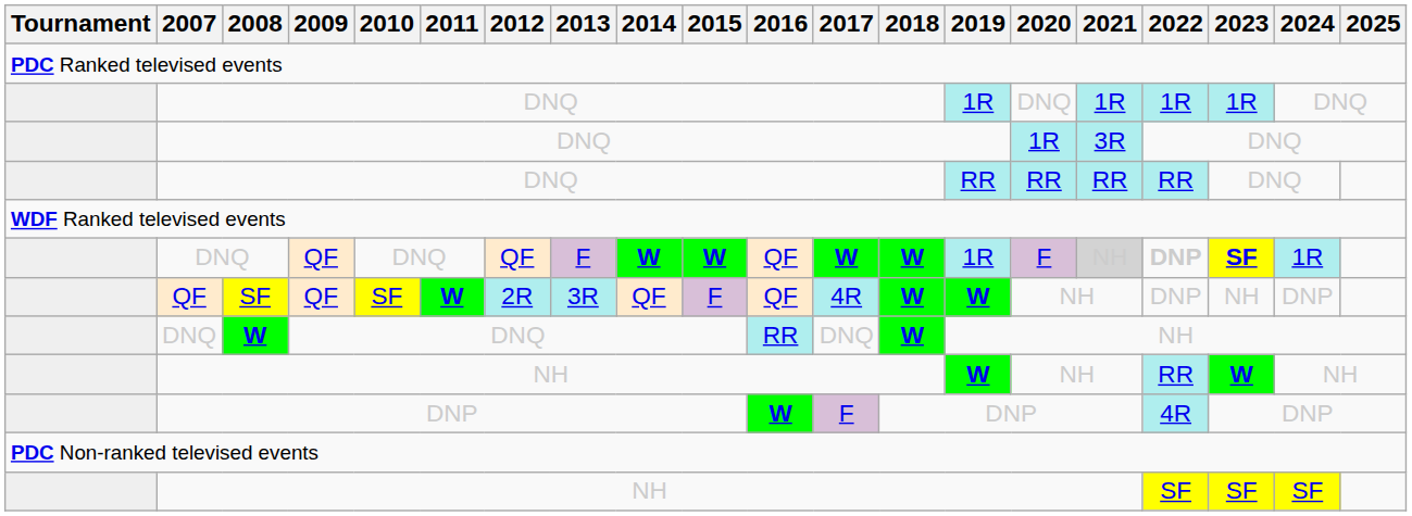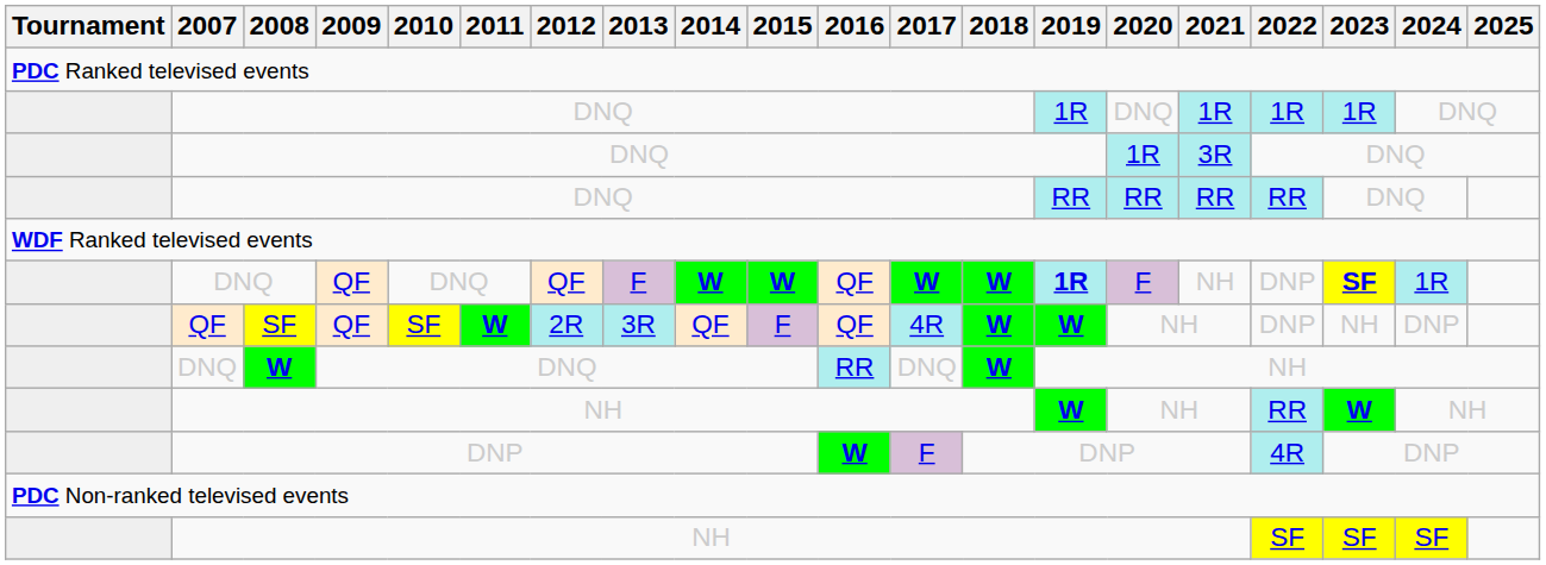 <table class="wikitable" style="width:20%; margin:0">
 <tr>
 <th>Tournament</th>
 <th>2007</th>
 <th>2008</th>
 <th>2009</th>
 <th>2010</th>
 <th>2011</th>
 <th>2012</th>
 <th>2013</th>
 <th>2014</th>
 <th>2015</th>
 <th>2016</th>
 <th>2017</th>
 <th>2018</th>
 <th>2019</th>
 <th>2020</th>
 <th>2021</th>
 <th>2022</th>
 <th>2023</th>
 <th>2024</th>
 <th>2025</th>
 </tr>
 <tr>
 <td colspan="20" style="text-align:left"><small><strong><a href='#'>PDC</a> </strong>Ranked televised events</small></td>
 </tr>
 <tr>
 <td style="background:#efefef;"></td>
 <td colspan="12" style="text-align:center; color:#ccc;">DNQ</td>
 <td style="text-align:center; background:#afeeee;"><a href='#'>1R</a></td>
 <td style="text-align:center; color:#ccc;">DNQ</td>
 <td style="text-align:center; background:#afeeee;"><a href='#'>1R</a></td>
 <td style="text-align:center; background:#afeeee;"><a href='#'>1R</a></td>
 <td style="text-align:center; background:#afeeee;"><a href='#'>1R</a></td>
 <td colspan="2" style="text-align:center; color:#ccc;">DNQ</td>
 </tr>
 <tr>
 <td style="background:#efefef;"></td>
 <td colspan="13" style="text-align:center; color:#ccc;">DNQ</td>
 <td style="text-align:center; background:#afeeee;"><a href='#'>1R</a></td>
 <td style="text-align:center; background:#afeeee;"><a href='#'>3R</a></td>
 <td colspan="4" style="text-align:center; color:#ccc;">DNQ</td>
 </tr>
 <tr>
 <td style="background:#efefef;"></td>
 <td colspan="12" style="text-align:center; color:#ccc;">DNQ</td>
 <td style="text-align:center; background:#afeeee;"><a href='#'>RR</a></td>
 <td style="text-align:center; background:#afeeee;"><a href='#'>RR</a></td>
 <td style="text-align:center; background:#afeeee;"><a href='#'>RR</a></td>
 <td style="text-align:center; background:#afeeee;"><a href='#'>RR</a></td>
 <td colspan="2" style="text-align:center; color:#ccc;">DNQ</td>
 <td></td>
 </tr>
 <tr>
 <td colspan="20" style="text-align:left"><small><strong><a href='#'>WDF</a> </strong>Ranked televised events</small></td>
 </tr>
 <tr>
 <td style="background:#efefef;"></td>
 <td colspan="2" style="text-align:center; color:#ccc;">DNQ</td>
 <td style="text-align:center; background:#ffebcd;"><a href='#'>QF</a></td>
 <td colspan="2" style="text-align:center; color:#ccc;">DNQ</td>
 <td style="text-align:center; background:#ffebcd;"><a href='#'>QF</a></td>
 <td style="text-align:center; background:thistle;"><a href='#'>F</a></td>
 <td style="text-align:center; background:lime;"><strong><a href='#'>W</a></strong></td>
 <td style="text-align:center; background:lime;"><strong><a href='#'>W</a></strong></td>
 <td style="text-align:center; background:#ffebcd;"><a href='#'>QF</a></td>
 <td style="text-align:center; background:lime;"><strong><a href='#'>W</a></strong></td>
 <td style="text-align:center; background:lime;"><strong><a href='#'>W</a></strong></td>
-<td style="text-align:center; background:#afeeee;"><a href='#'>1R</a></td>
+<td style="text-align:center; background:#afeeee;"><strong><a href='#'>1R</a></strong></td>
 <td style="text-align:center; background:thistle;"><a href='#'>F</a></td>
-<td style="background: lightgrey; text-align:center; color:#ccc;">NH</td>
-<td style="text-align:center; color:#ccc;"><strong>DNP</strong></td>
+<td style="text-align:center; color:#ccc;">NH</td>
+<td style="text-align:center; color:#ccc;">DNP</td>
 <td style="text-align:center; background:yellow;"><strong><a href='#'>SF</a></strong></td>
 <td style="text-align:center; background:#afeeee;"><a href='#'>1R</a></td>
 <td></td>
 </tr>
 <tr>
 <td style="background:#efefef;"></td>
 <td style="text-align:center; background:#ffebcd;"><a href='#'>QF</a></td>
 <td style="text-align:center; background:yellow;"><a href='#'>SF</a></td>
 <td style="text-align:center; background:#ffebcd;"><a href='#'>QF</a></td>
 <td style="text-align:center; background:yellow;"><a href='#'>SF</a></td>
 <td style="text-align:center; background:lime;"><strong><a href='#'>W</a></strong></td>
 <td style="text-align:center; background:#afeeee;"><a href='#'>2R</a></td>
 <td style="text-align:center; background:#afeeee;"><a href='#'>3R</a></td>
 <td style="text-align:center; background:#ffebcd;"><a href='#'>QF</a></td>
 <td style="text-align:center; background:thistle;"><a href='#'>F</a></td>
 <td style="text-align:center; background:#ffebcd;"><a href='#'>QF</a></td>
 <td style="text-align:center; background:#afeeee;"><a href='#'>4R</a></td>
 <td style="text-align:center; background:lime;"><strong><a href='#'>W</a></strong></td>
 <td style="text-align:center; background:lime;"><strong><a href='#'>W</a></strong></td>
 <td colspan="2" style="text-align:center; color:#ccc;">NH</td>
 <td style="text-align:center; color:#ccc;">DNP</td>
 <td style="text-align:center; color:#ccc;">NH</td>
 <td style="text-align:center; color:#ccc;">DNP</td>
 <td></td>
 </tr>
 <tr>
 <td style="background:#efefef;"></td>
 <td style="text-align:center; color:#ccc;">DNQ</td>
 <td style="text-align:center; background:lime;"><strong><a href='#'>W</a></strong></td>
 <td colspan="7" style="text-align:center; color:#ccc;">DNQ</td>
 <td style="text-align:center; background:#afeeee;"><a href='#'>RR</a></td>
 <td style="text-align:center; color:#ccc;">DNQ</td>
 <td style="text-align:center; background:lime;"><strong><a href='#'>W</a></strong></td>
 <td colspan="7" style="text-align:center; color:#ccc;">NH</td>
 </tr>
 <tr>
 <td style="background:#efefef;"></td>
 <td colspan="12" style="text-align:center; color:#ccc;">NH</td>
 <td style="text-align:center; background:lime;"><strong><a href='#'>W</a></strong></td>
 <td colspan="2" style="text-align:center; color:#ccc;">NH</td>
 <td style="text-align:center; background:#afeeee;"><a href='#'>RR</a></td>
 <td style="text-align:center; background:lime;"><strong><a href='#'>W</a></strong></td>
 <td colspan="2" style="text-align:center; color:#ccc;">NH</td>
 </tr>
 <tr>
 <td style="background:#efefef;"></td>
 <td colspan="9" style="text-align:center; color:#ccc;">DNP</td>
 <td style="text-align:center; background:lime;"><strong><a href='#'>W</a></strong></td>
 <td style="text-align:center; background:thistle;"><a href='#'>F</a></td>
 <td colspan="4" style="text-align:center; color:#ccc;">DNP</td>
 <td style="text-align:center; background:#afeeee;"><a href='#'>4R</a></td>
 <td colspan="3" style="text-align:center; color:#ccc;">DNP</td>
 </tr>
 <tr>
 <td colspan="20" style="text-align:left"><small><strong><a href='#'>PDC</a> </strong>Non-ranked televised events</small></td>
 </tr>
 <tr>
 <td style="background:#efefef;"></td>
 <td colspan="15" style="text-align:center; color:#ccc;">NH</td>
 <td style="text-align:center; background:yellow;"><a href='#'>SF</a></td>
 <td style="text-align:center; background:yellow;"><a href='#'>SF</a></td>
 <td style="text-align:center; background:yellow;"><a href='#'>SF</a></td>
 <td></td>
 </tr>
 </table>
